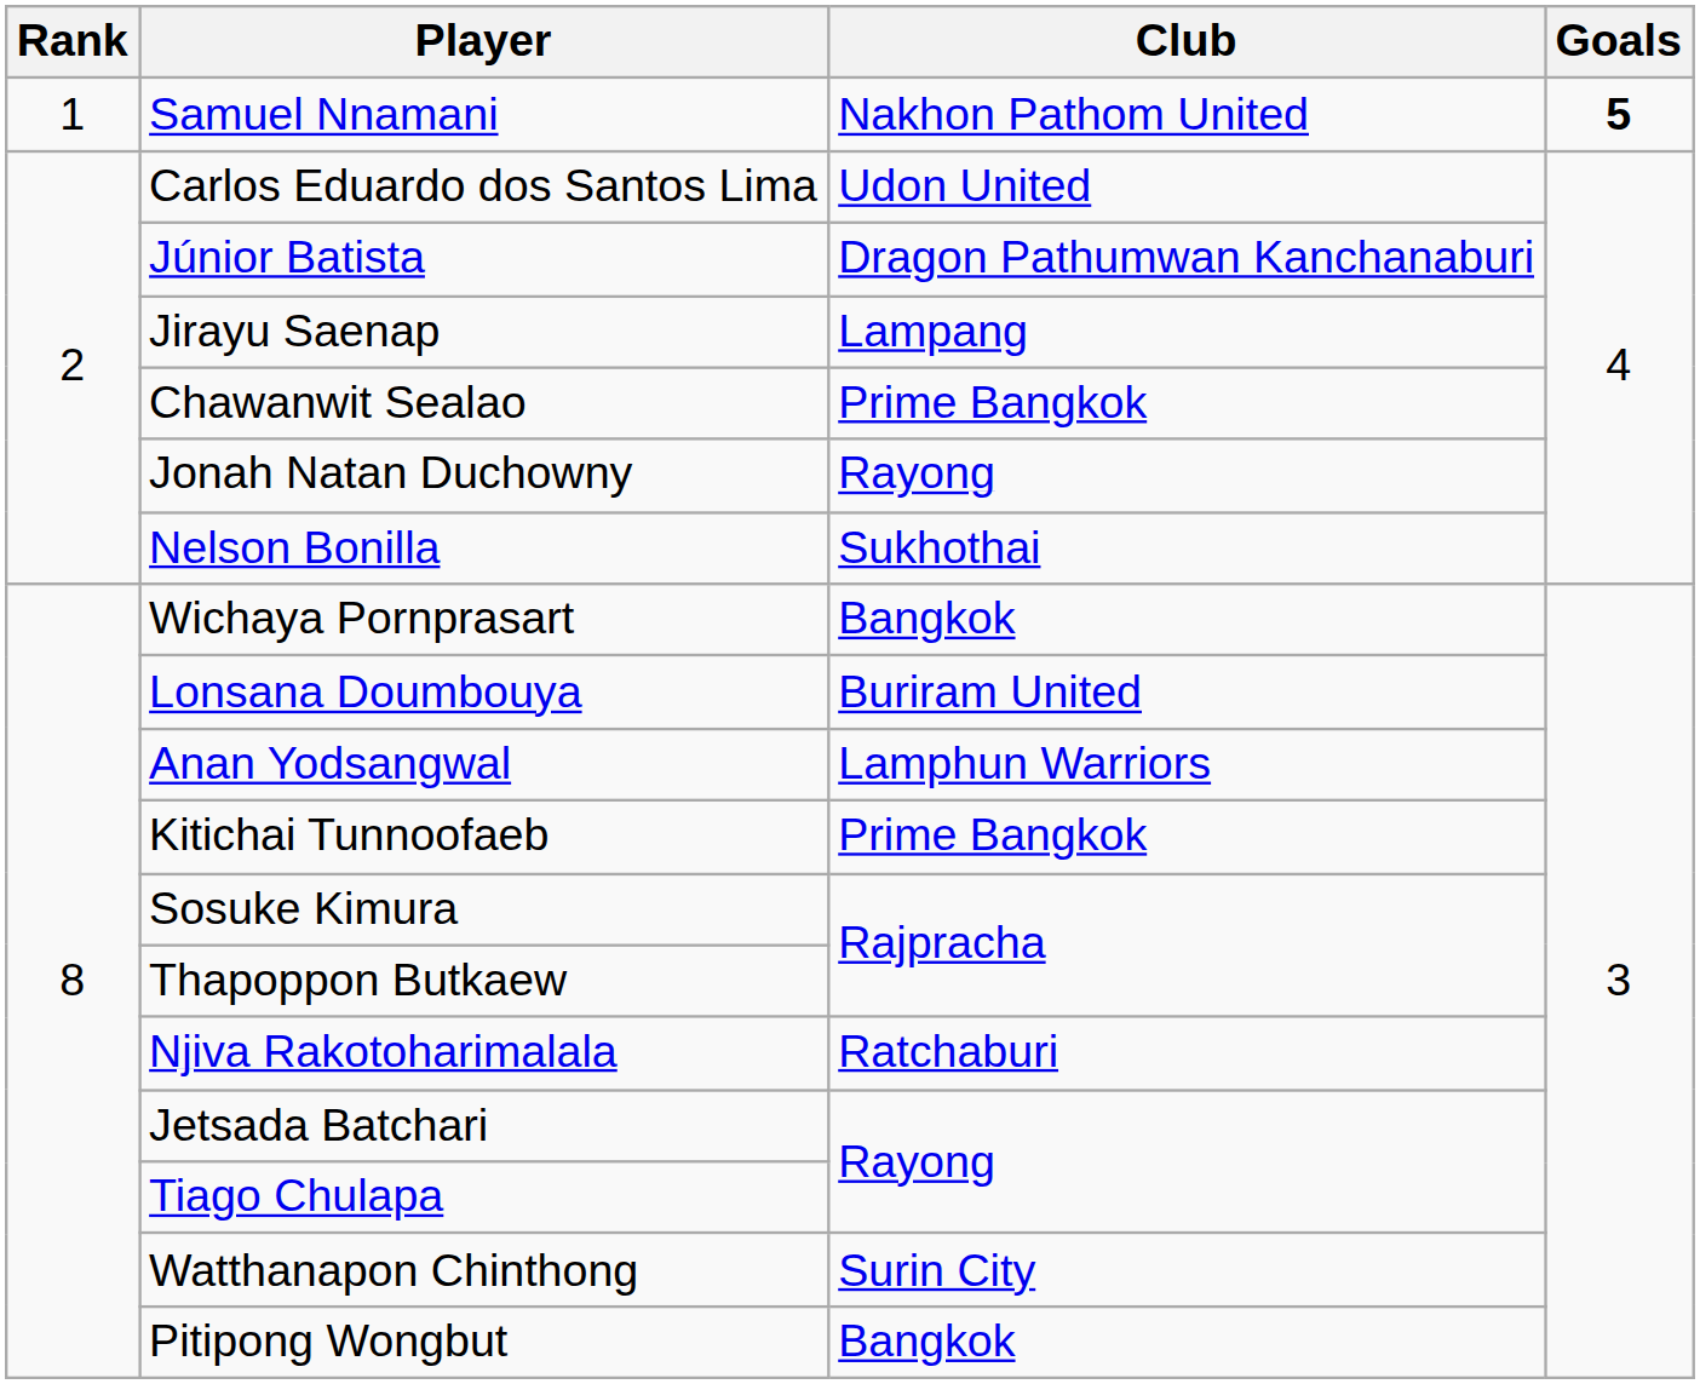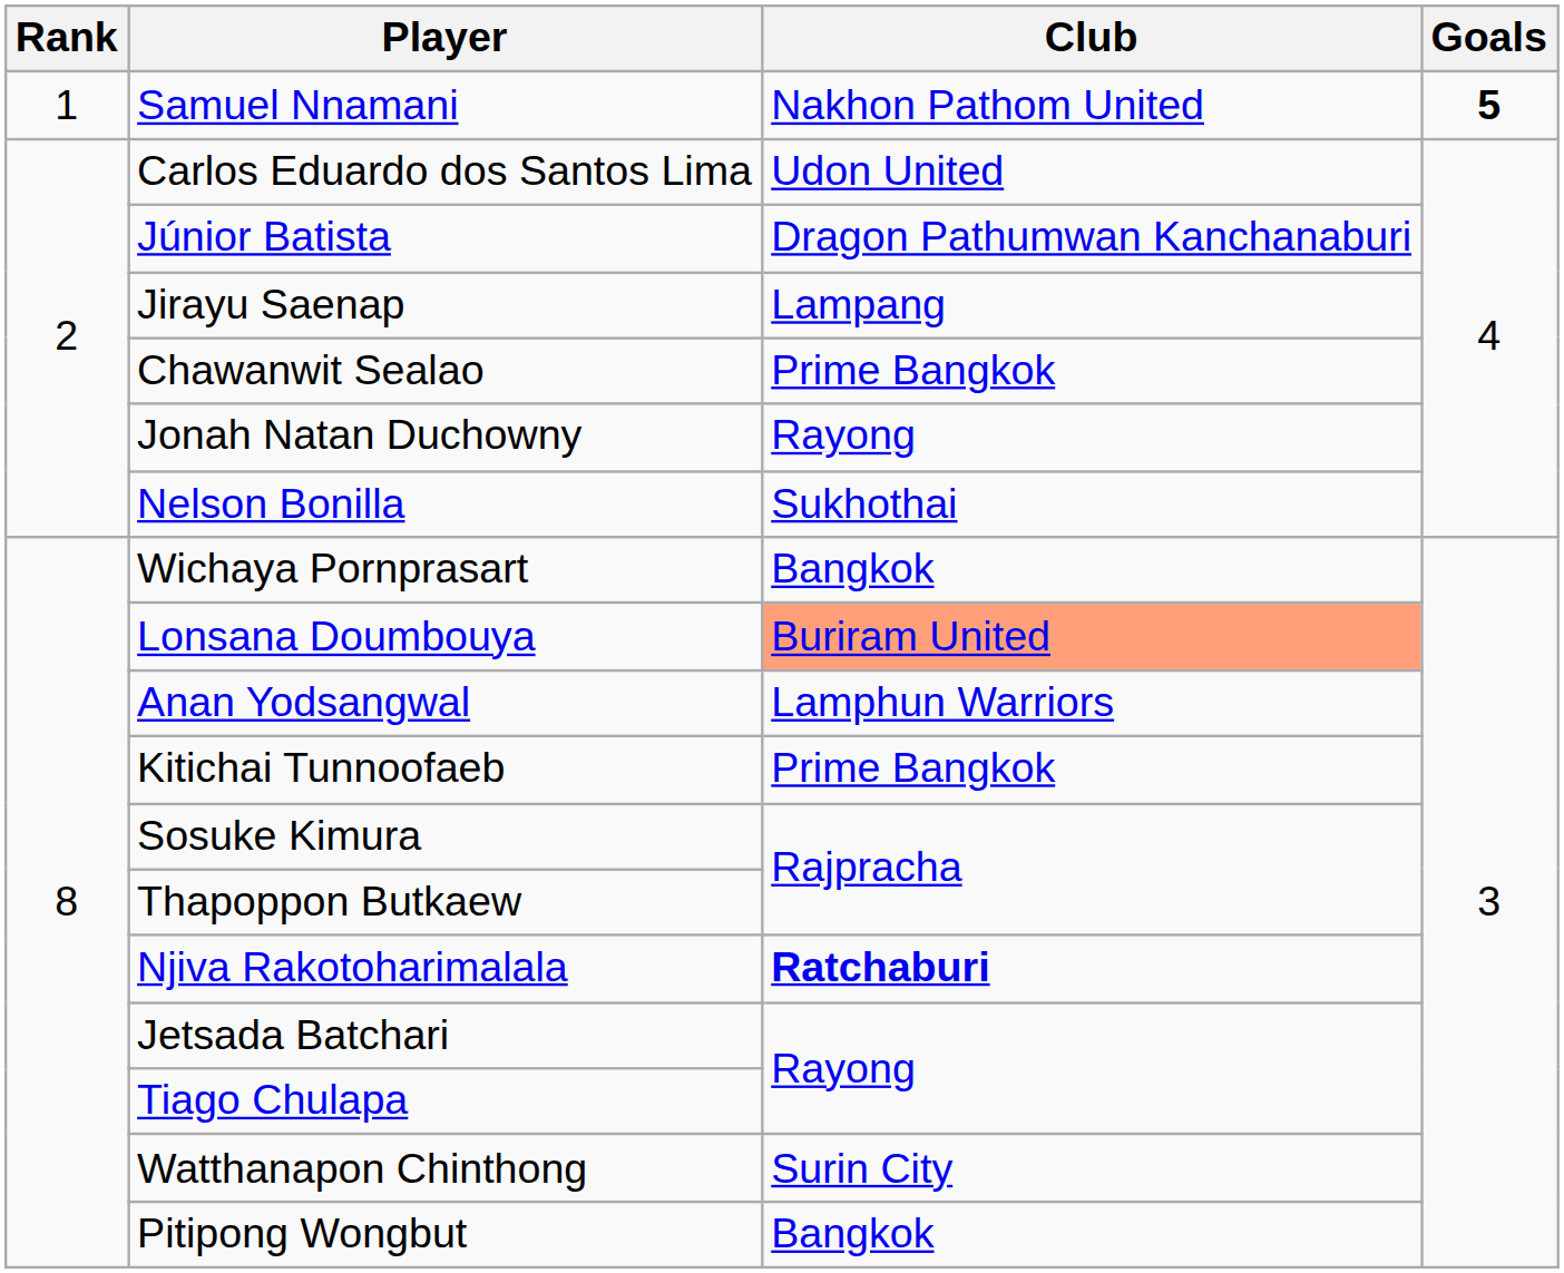 <table class="wikitable sortable" style="text-align:center">
 <tr>
 <th>Rank</th>
 <th>Player</th>
 <th>Club</th>
 <th>Goals</th>
 </tr>
 <tr>
 <td rowspan="1">1</td>
 <td align="left"> <a href='#'>Samuel Nnamani</a></td>
 <td align="left"><a href='#'>Nakhon Pathom United</a></td>
 <td rowspan="1"><strong>5</strong></td>
 </tr>
 <tr>
 <td rowspan="6">2</td>
 <td align="left"> Carlos Eduardo dos Santos Lima</td>
 <td align="left"><a href='#'>Udon United</a></td>
 <td rowspan="6">4</td>
 </tr>
 <tr>
 <td align="left"> <a href='#'>Júnior Batista</a></td>
 <td align="left"><a href='#'>Dragon Pathumwan Kanchanaburi</a></td>
 </tr>
 <tr>
 <td align="left"> Jirayu Saenap</td>
 <td align="left"><a href='#'>Lampang</a></td>
 </tr>
 <tr>
 <td align="left"> Chawanwit Sealao</td>
 <td align="left"><a href='#'>Prime Bangkok</a></td>
 </tr>
 <tr>
 <td align="left"> Jonah Natan Duchowny</td>
 <td align="left"><a href='#'>Rayong</a></td>
 </tr>
 <tr>
 <td align="left"> <a href='#'>Nelson Bonilla</a></td>
 <td align="left"><a href='#'>Sukhothai</a></td>
 </tr>
 <tr>
 <td rowspan="11">8</td>
 <td align="left"> Wichaya Pornprasart</td>
 <td align="left"><a href='#'>Bangkok</a></td>
 <td rowspan="11">3</td>
 </tr>
 <tr>
 <td align="left"> <a href='#'>Lonsana Doumbouya</a></td>
-<td align="left"><a href='#'>Buriram United</a></td>
+<td align="left" style="background: lightsalmon;"><a href='#'>Buriram United</a></td>
 </tr>
 <tr>
 <td align="left"> <a href='#'>Anan Yodsangwal</a></td>
 <td align="left"><a href='#'>Lamphun Warriors</a></td>
 </tr>
 <tr>
 <td align="left"> Kitichai Tunnoofaeb</td>
 <td align="left"><a href='#'>Prime Bangkok</a></td>
 </tr>
 <tr>
 <td align="left"> Sosuke Kimura</td>
 <td align="left"rowspan="2"><a href='#'>Rajpracha</a></td>
 </tr>
 <tr>
 <td align="left"> Thapoppon Butkaew</td>
 </tr>
 <tr>
 <td align="left"> <a href='#'>Njiva Rakotoharimalala</a></td>
-<td align="left"><a href='#'>Ratchaburi</a></td>
+<td align="left"><strong><a href='#'>Ratchaburi</a></strong></td>
 </tr>
 <tr>
 <td align="left"> Jetsada Batchari</td>
 <td align="left"rowspan="2"><a href='#'>Rayong</a></td>
 </tr>
 <tr>
 <td align="left"> <a href='#'>Tiago Chulapa</a></td>
 </tr>
 <tr>
 <td align="left"> Watthanapon Chinthong</td>
 <td align="left"><a href='#'>Surin City</a></td>
 </tr>
 <tr>
 <td align="left"> Pitipong Wongbut</td>
 <td align="left"><a href='#'>Bangkok</a></td>
 </tr>
 </table>
